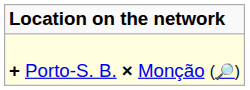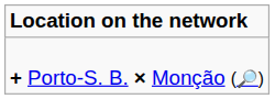 <table role="presentation" class="wikitable mw-collapsible mw-collapsed floatright">
 <tr>
 <td><strong>Location on the network</strong></td>
 </tr>
 <tr>
-<td style="background: lightyellow;"><br><span><strong>+</strong> <a href='#'>Porto-S. B.</a></span> <span><strong>×</strong> <a href='#'>Monção</a></span> <small>(<a href='#'>🔎</a>)</small></td>
+<td><br><span><strong>+</strong> <a href='#'>Porto-S. B.</a></span> <span><strong>×</strong> <a href='#'>Monção</a></span> <small>(<a href='#'>🔎</a>)</small></td>
 </tr>
 </table>
